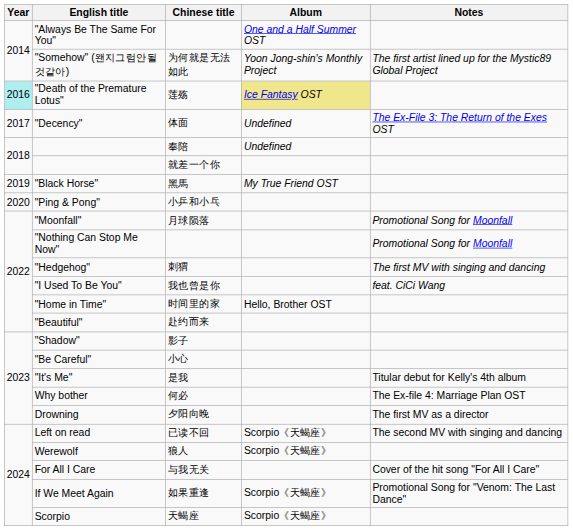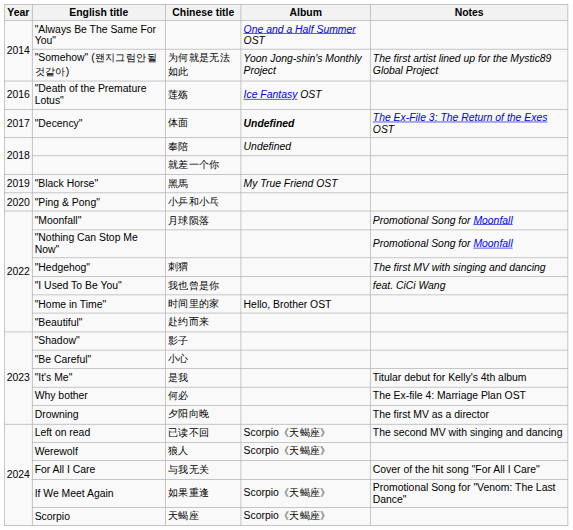 <table class="wikitable">
 <tr>
 <th>Year</th>
 <th>English title</th>
 <th>Chinese title</th>
 <th>Album</th>
 <th>Notes</th>
 </tr>
 <tr>
 <td rowspan="2">2014</td>
 <td>"Always Be The Same For You"</td>
 <td></td>
 <td><em><a href='#'>One and a Half Summer</a> OST</em></td>
 <td></td>
 </tr>
 <tr>
 <td>"Somehow" (왠지그럼안될것같아)</td>
 <td>为何就是无法如此</td>
 <td><em>Yoon Jong-shin's Monthly Project</em></td>
 <td><em>The first artist lined up for the Mystic89 Global Project</em></td>
 </tr>
 <tr>
-<td style="background: paleturquoise;">2016</td>
+<td>2016</td>
 <td>"Death of the Premature Lotus"</td>
 <td>莲殇</td>
-<td style="background: khaki;"><em><a href='#'>Ice Fantasy</a> OST </em></td>
+<td><em><a href='#'>Ice Fantasy</a> OST </em></td>
 <td></td>
 </tr>
 <tr>
 <td>2017</td>
 <td>"Decency"</td>
 <td>体面</td>
-<td><em>Undefined</em></td>
+<td><strong><em>Undefined</em></strong></td>
 <td><em><a href='#'>The Ex-File 3: The Return of the Exes</a> OST</em></td>
 </tr>
 <tr>
 <td rowspan="2">2018</td>
 <td></td>
 <td>奉陪</td>
 <td><em>Undefined</em></td>
 <td></td>
 </tr>
 <tr>
 <td></td>
 <td>就差一个你</td>
 <td></td>
 <td></td>
 </tr>
 <tr>
 <td>2019</td>
 <td>"Black Horse"</td>
 <td>黑馬</td>
 <td><em>My True Friend OST</em></td>
 <td></td>
 </tr>
 <tr>
 <td>2020</td>
 <td>"Ping & Pong"</td>
 <td>小乒和小乓</td>
 <td></td>
 <td></td>
 </tr>
 <tr>
 <td rowspan="6">2022</td>
 <td>"Moonfall"</td>
 <td>月球陨落</td>
 <td></td>
 <td><em>Promotional Song for <a href='#'>Moonfall</a></em></td>
 </tr>
 <tr>
 <td>"Nothing Can Stop Me Now"</td>
 <td></td>
 <td></td>
 <td><em>Promotional Song for <a href='#'>Moonfall</a></em></td>
 </tr>
 <tr>
 <td>"Hedgehog"</td>
 <td>刺猬</td>
 <td></td>
 <td><em>The first MV with singing and dancing</em></td>
 </tr>
 <tr>
 <td>"I Used To Be You"</td>
 <td>我也曾是你</td>
 <td></td>
 <td><em>feat. CiCi Wang</em></td>
 </tr>
 <tr>
 <td>"Home in Time"</td>
 <td>时间里的家</td>
 <td>Hello, Brother OST</td>
 <td></td>
 </tr>
 <tr '=>
 <td>"Beautiful"</td>
 <td>赴约而来</td>
 <td></td>
 <td></td>
 </tr>
 <tr>
 <td rowspan="5">2023</td>
 <td>"Shadow"</td>
 <td>影子</td>
 <td></td>
 <td></td>
 </tr>
 <tr>
 <td>"Be Careful"</td>
 <td>小心</td>
 <td></td>
 <td></td>
 </tr>
 <tr>
 <td>"It's Me"</td>
 <td>是我</td>
 <td></td>
 <td>Titular debut for Kelly's 4th album</td>
 </tr>
 <tr>
 <td>Why bother</td>
 <td>何必</td>
 <td></td>
 <td>The Ex-file 4: Marriage Plan OST</td>
 </tr>
 <tr>
 <td>Drowning</td>
 <td>夕阳向晚</td>
 <td></td>
 <td>The first MV as a director</td>
 </tr>
 <tr>
 <td rowspan="5">2024</td>
 <td>Left on read</td>
 <td>已读不回</td>
 <td>Scorpio《天蝎座》</td>
 <td>The second MV with singing and dancing</td>
 </tr>
 <tr>
 <td>Werewolf</td>
 <td>狼人</td>
 <td>Scorpio《天蝎座》</td>
 <td></td>
 </tr>
 <tr>
 <td>For All I Care</td>
 <td>与我无关</td>
 <td></td>
 <td>Cover of the hit song "For All I Care"</td>
 </tr>
 <tr>
 <td>If We Meet Again</td>
 <td>如果重逢</td>
 <td>Scorpio《天蝎座》</td>
 <td>Promotional Song for "Venom: The Last Dance"</td>
 </tr>
 <tr>
 <td>Scorpio</td>
 <td>天蝎座</td>
 <td>Scorpio《天蝎座》</td>
 <td></td>
 </tr>
 </table>
